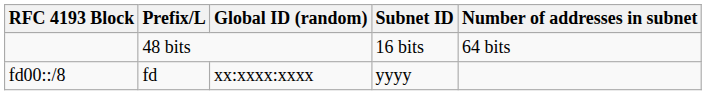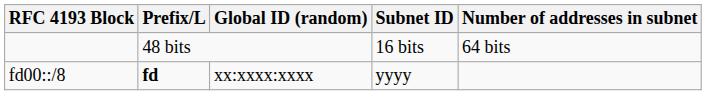 <table class="wikitable">
 <tr>
 <th>RFC 4193 Block</th>
 <th>Prefix/L</th>
 <th>Global ID (random)</th>
 <th>Subnet ID</th>
 <th>Number of addresses in subnet</th>
 </tr>
 <tr>
 <td></td>
 <td colspan="2">48 bits</td>
 <td>16 bits</td>
 <td>64 bits</td>
 </tr>
 <tr>
 <td>fd00::/8</td>
-<td>fd</td>
+<td><strong>fd</strong></td>
 <td>xx:xxxx:xxxx</td>
 <td>yyyy</td>
 <td></td>
 </tr>
 </table>
